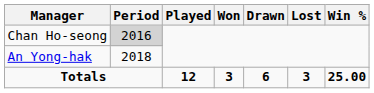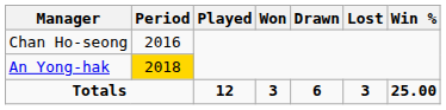 <table class="wikitable sortable" style="text-align:center;">
 <tr>
 <th>Manager</th>
 <th>Period</th>
 <th>Played</th>
 <th>Won</th>
 <th>Drawn</th>
 <th>Lost</th>
 <th>Win %</th>
 </tr>
 <tr>
 <td style="text-align: left;"> Chan Ho-seong</td>
-<td style="background: lightgrey;">2016<br></td>
+<td>2016<br></td>
 </tr>
 <tr>
 <td style="text-align: left;"> <a href='#'>An Yong-hak</a></td>
-<td>2018<br></td>
+<td style="background: gold;">2018<br></td>
 </tr>
 <tr>
 <td colspan="2"><strong>Totals</strong></td>
 <td><strong>12</strong></td>
 <td><strong>3</strong></td>
 <td><strong>6</strong></td>
 <td><strong>3</strong></td>
 <td><strong>25.00</strong></td>
 </tr>
 </table>
